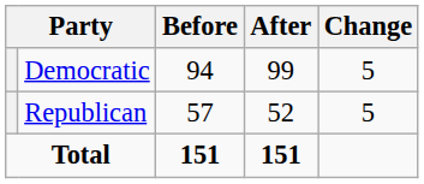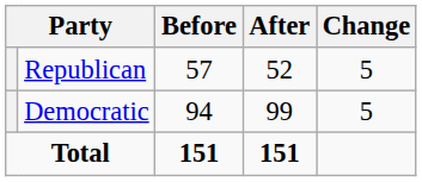 <table class="wikitable" style="text-align:center;">
 <tr>
 <th colspan="2">Party</th>
 <th>Before</th>
 <th>After</th>
 <th>Change</th>
 </tr>
 <tr>
 <th style="background-color:"></th>
-<td style="text-align:left;"><a href='#'>Democratic</a></td>
-<td>94</td>
-<td>99</td>
+<td style="text-align:left;"><a href='#'>Republican</a></td>
+<td>57</td>
+<td>52</td>
 <td> 5</td>
 </tr>
 <tr>
 <th style="background-color:"></th>
-<td style="text-align:left;"><a href='#'>Republican</a></td>
-<td>57</td>
-<td>52</td>
+<td style="text-align:left;"><a href='#'>Democratic</a></td>
+<td>94</td>
+<td>99</td>
 <td> 5</td>
 </tr>
 <tr>
 <td colspan="2"><strong>Total</strong></td>
 <td><strong>151</strong></td>
 <td><strong>151</strong></td>
 <td></td>
 </tr>
 </table>
